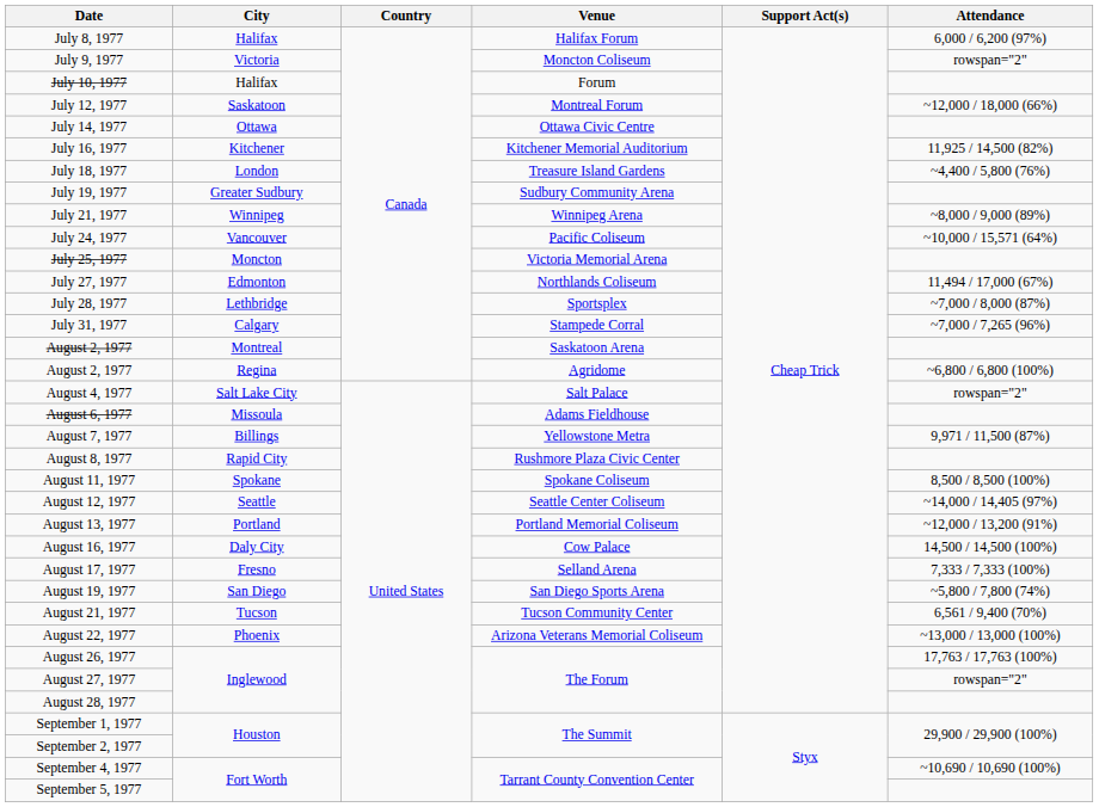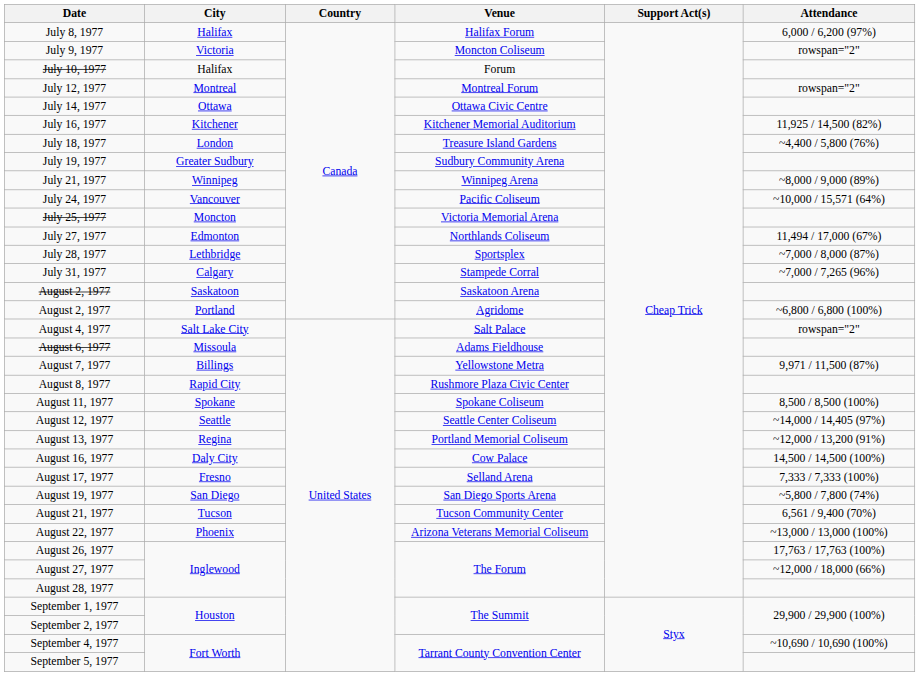 <table class="wikitable plainrowheaders" style="text-align:center;">
 <tr>
 <th scope="col" style="width:13em;">Date</th>
 <th scope="col" style="width:13em;">City</th>
 <th scope="col" style="width:10em;">Country</th>
 <th scope="col" style="width:20em;">Venue</th>
 <th scope="col" style="width:13em;">Support Act(s)</th>
 <th scope="col" style="width:16em;">Attendance</th>
 </tr>
 <tr>
 <td>July 8, 1977</td>
 <td><a href='#'>Halifax</a></td>
 <td rowspan="16"><a href='#'>Canada</a></td>
 <td><a href='#'>Halifax Forum</a></td>
 <td rowspan="31"><a href='#'>Cheap Trick</a></td>
 <td>6,000 / 6,200 (97%)</td>
 </tr>
 <tr>
 <td>July 9, 1977</td>
 <td><a href='#'>Victoria</a></td>
 <td><a href='#'>Moncton Coliseum</a></td>
 <td>rowspan="2" </td>
 </tr>
 <tr>
 <td><s>July 10, 1977</s></td>
 <td>Halifax</td>
 <td>Forum</td>
 </tr>
 <tr>
 <td>July 12, 1977</td>
-<td><a href='#'>Saskatoon</a></td>
+<td><a href='#'>Montreal</a></td>
 <td><a href='#'>Montreal Forum</a></td>
-<td>~12,000 / 18,000 (66%)</td>
+<td>rowspan="2" </td>
 </tr>
 <tr>
 <td>July 14, 1977</td>
 <td><a href='#'>Ottawa</a></td>
 <td><a href='#'>Ottawa Civic Centre</a></td>
 <td></td>
 </tr>
 <tr>
 <td>July 16, 1977</td>
 <td><a href='#'>Kitchener</a></td>
 <td><a href='#'>Kitchener Memorial Auditorium</a></td>
 <td>11,925 / 14,500 (82%)</td>
 </tr>
 <tr>
 <td>July 18, 1977</td>
 <td><a href='#'>London</a></td>
 <td><a href='#'>Treasure Island Gardens</a></td>
 <td>~4,400 / 5,800 (76%)</td>
 </tr>
 <tr>
 <td>July 19, 1977</td>
 <td><a href='#'>Greater Sudbury</a></td>
 <td><a href='#'>Sudbury Community Arena</a></td>
 <td></td>
 </tr>
 <tr>
 <td>July 21, 1977</td>
 <td><a href='#'>Winnipeg</a></td>
 <td><a href='#'>Winnipeg Arena</a></td>
 <td>~8,000 / 9,000 (89%)</td>
 </tr>
 <tr>
 <td>July 24, 1977</td>
 <td><a href='#'>Vancouver</a></td>
 <td><a href='#'>Pacific Coliseum</a></td>
 <td>~10,000 / 15,571 (64%)</td>
 </tr>
 <tr>
 <td><s>July 25, 1977</s></td>
 <td><a href='#'>Moncton</a></td>
 <td><a href='#'>Victoria Memorial Arena</a></td>
 <td></td>
 </tr>
 <tr>
 <td>July 27, 1977</td>
 <td><a href='#'>Edmonton</a></td>
 <td><a href='#'>Northlands Coliseum</a></td>
 <td>11,494 / 17,000 (67%)</td>
 </tr>
 <tr>
 <td>July 28, 1977</td>
 <td><a href='#'>Lethbridge</a></td>
 <td><a href='#'>Sportsplex</a></td>
 <td>~7,000 / 8,000 (87%)</td>
 </tr>
 <tr>
 <td>July 31, 1977</td>
 <td><a href='#'>Calgary</a></td>
 <td><a href='#'>Stampede Corral</a></td>
 <td>~7,000 / 7,265 (96%)</td>
 </tr>
 <tr>
 <td><s>August 2, 1977</s></td>
-<td><a href='#'>Montreal</a></td>
+<td><a href='#'>Saskatoon</a></td>
 <td><a href='#'>Saskatoon Arena</a></td>
 <td></td>
 </tr>
 <tr>
 <td>August 2, 1977</td>
-<td><a href='#'>Regina</a></td>
+<td><a href='#'>Portland</a></td>
 <td><a href='#'>Agridome</a></td>
 <td>~6,800 / 6,800 (100%)</td>
 </tr>
 <tr>
 <td>August 4, 1977</td>
 <td><a href='#'>Salt Lake City</a></td>
 <td rowspan="19"><a href='#'>United States</a></td>
 <td><a href='#'>Salt Palace</a></td>
 <td>rowspan="2" </td>
 </tr>
 <tr>
 <td><s>August 6, 1977</s></td>
 <td><a href='#'>Missoula</a></td>
 <td><a href='#'>Adams Fieldhouse</a></td>
 </tr>
 <tr>
 <td>August 7, 1977</td>
 <td><a href='#'>Billings</a></td>
 <td><a href='#'>Yellowstone Metra</a></td>
 <td>9,971 / 11,500 (87%)</td>
 </tr>
 <tr>
 <td>August 8, 1977</td>
 <td><a href='#'>Rapid City</a></td>
 <td><a href='#'>Rushmore Plaza Civic Center</a></td>
 <td></td>
 </tr>
 <tr>
 <td>August 11, 1977</td>
 <td><a href='#'>Spokane</a></td>
 <td><a href='#'>Spokane Coliseum</a></td>
 <td>8,500 / 8,500 (100%)</td>
 </tr>
 <tr>
 <td>August 12, 1977</td>
 <td><a href='#'>Seattle</a></td>
 <td><a href='#'>Seattle Center Coliseum</a></td>
 <td>~14,000 / 14,405 (97%)</td>
 </tr>
 <tr>
 <td>August 13, 1977</td>
-<td><a href='#'>Portland</a></td>
+<td><a href='#'>Regina</a></td>
 <td><a href='#'>Portland Memorial Coliseum</a></td>
 <td>~12,000 / 13,200 (91%)</td>
 </tr>
 <tr>
 <td>August 16, 1977</td>
 <td><a href='#'>Daly City</a></td>
 <td><a href='#'>Cow Palace</a></td>
 <td>14,500 / 14,500 (100%)</td>
 </tr>
 <tr>
 <td>August 17, 1977</td>
 <td><a href='#'>Fresno</a></td>
 <td><a href='#'>Selland Arena</a></td>
 <td>7,333 / 7,333 (100%)</td>
 </tr>
 <tr>
 <td>August 19, 1977</td>
 <td><a href='#'>San Diego</a></td>
 <td><a href='#'>San Diego Sports Arena</a></td>
 <td>~5,800 / 7,800 (74%)</td>
 </tr>
 <tr>
 <td>August 21, 1977</td>
 <td><a href='#'>Tucson</a></td>
 <td><a href='#'>Tucson Community Center</a></td>
 <td>6,561 / 9,400 (70%)</td>
 </tr>
 <tr>
 <td>August 22, 1977</td>
 <td><a href='#'>Phoenix</a></td>
 <td><a href='#'>Arizona Veterans Memorial Coliseum</a></td>
 <td>~13,000 / 13,000 (100%)</td>
 </tr>
 <tr>
 <td>August 26, 1977</td>
 <td rowspan="3"><a href='#'>Inglewood</a></td>
 <td rowspan="3"><a href='#'>The Forum</a></td>
 <td>17,763 / 17,763 (100%)</td>
 </tr>
 <tr>
 <td>August 27, 1977</td>
-<td>rowspan="2" </td>
+<td>~12,000 / 18,000 (66%)</td>
 </tr>
 <tr>
 <td>August 28, 1977</td>
 </tr>
 <tr>
 <td>September 1, 1977</td>
 <td rowspan="2"><a href='#'>Houston</a></td>
 <td rowspan="2"><a href='#'>The Summit</a></td>
 <td rowspan="4"><a href='#'>Styx</a></td>
 <td rowspan="2">29,900 / 29,900 (100%)</td>
 </tr>
 <tr>
 <td>September 2, 1977</td>
 </tr>
 <tr>
 <td>September 4, 1977</td>
 <td rowspan="2"><a href='#'>Fort Worth</a></td>
 <td rowspan="2"><a href='#'>Tarrant County Convention Center</a></td>
 <td>~10,690 / 10,690 (100%)</td>
 </tr>
 <tr>
 <td>September 5, 1977</td>
 <td></td>
 </tr>
 </table>
